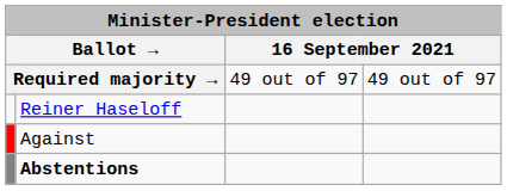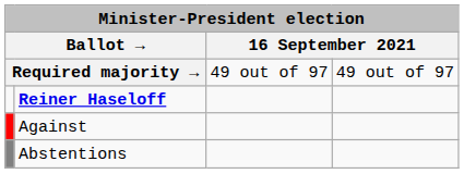 <table class="wikitable" style="text-align:center; font-size:98%;">
 <tr>
 <td colspan=5 align="center" bgcolor="#C0C0C0"><strong>Minister-President election</strong></td>
 </tr>
 <tr>
 <th colspan=2 style="width:150px;">Ballot →</th>
 <th colspan=3>16 September 2021</th>
 </tr>
 <tr>
 <th colspan=2>Required majority →</th>
 <td>49 out of 97 </td>
 <td>49 out of 97 </td>
 </tr>
 <tr>
 <td bgcolor=></td>
-<td style="text-align:left;"><a href='#'>Reiner Haseloff</a></td>
+<td style="text-align:left;"><strong><a href='#'>Reiner Haseloff</a></strong></td>
 <td></td>
 <td><strong></strong></td>
 </tr>
 <tr>
 <td bgcolor=red></td>
 <td style="text-align:left;">Against</td>
 <td></td>
 <td></td>
 </tr>
 <tr>
 <td style="background:gray;"></td>
-<td style="text-align:left;"><strong>Abstentions</strong></td>
+<td style="text-align:left;">Abstentions</td>
 <td></td>
 <td></td>
 </tr>
 </table>
